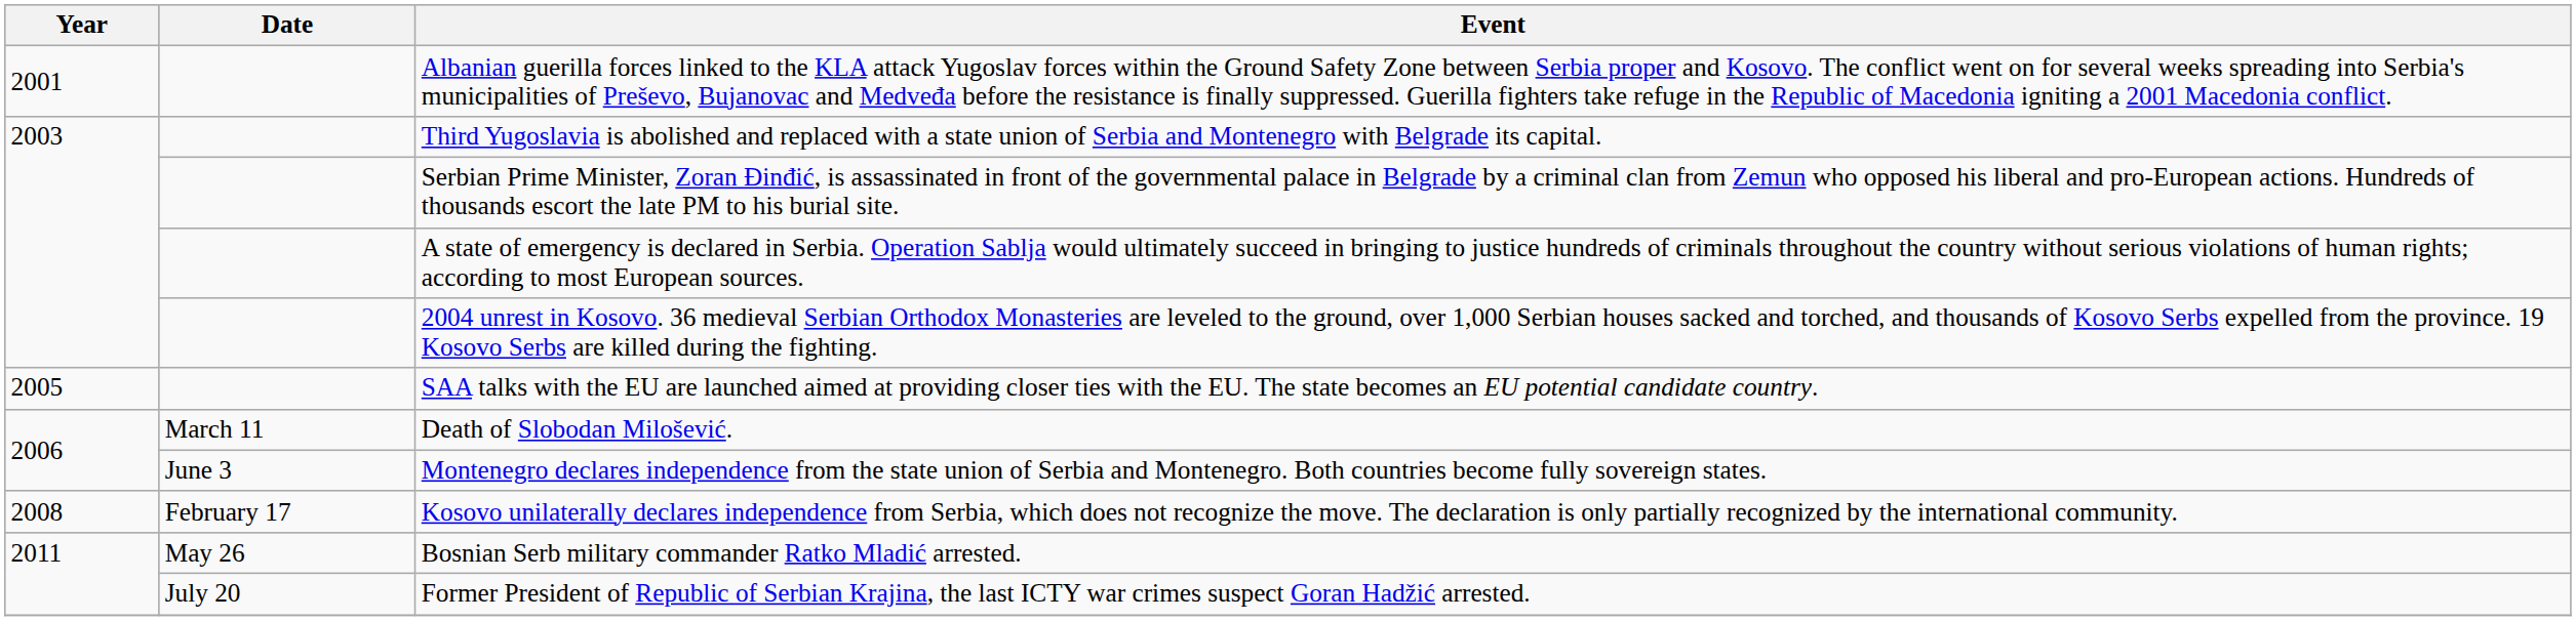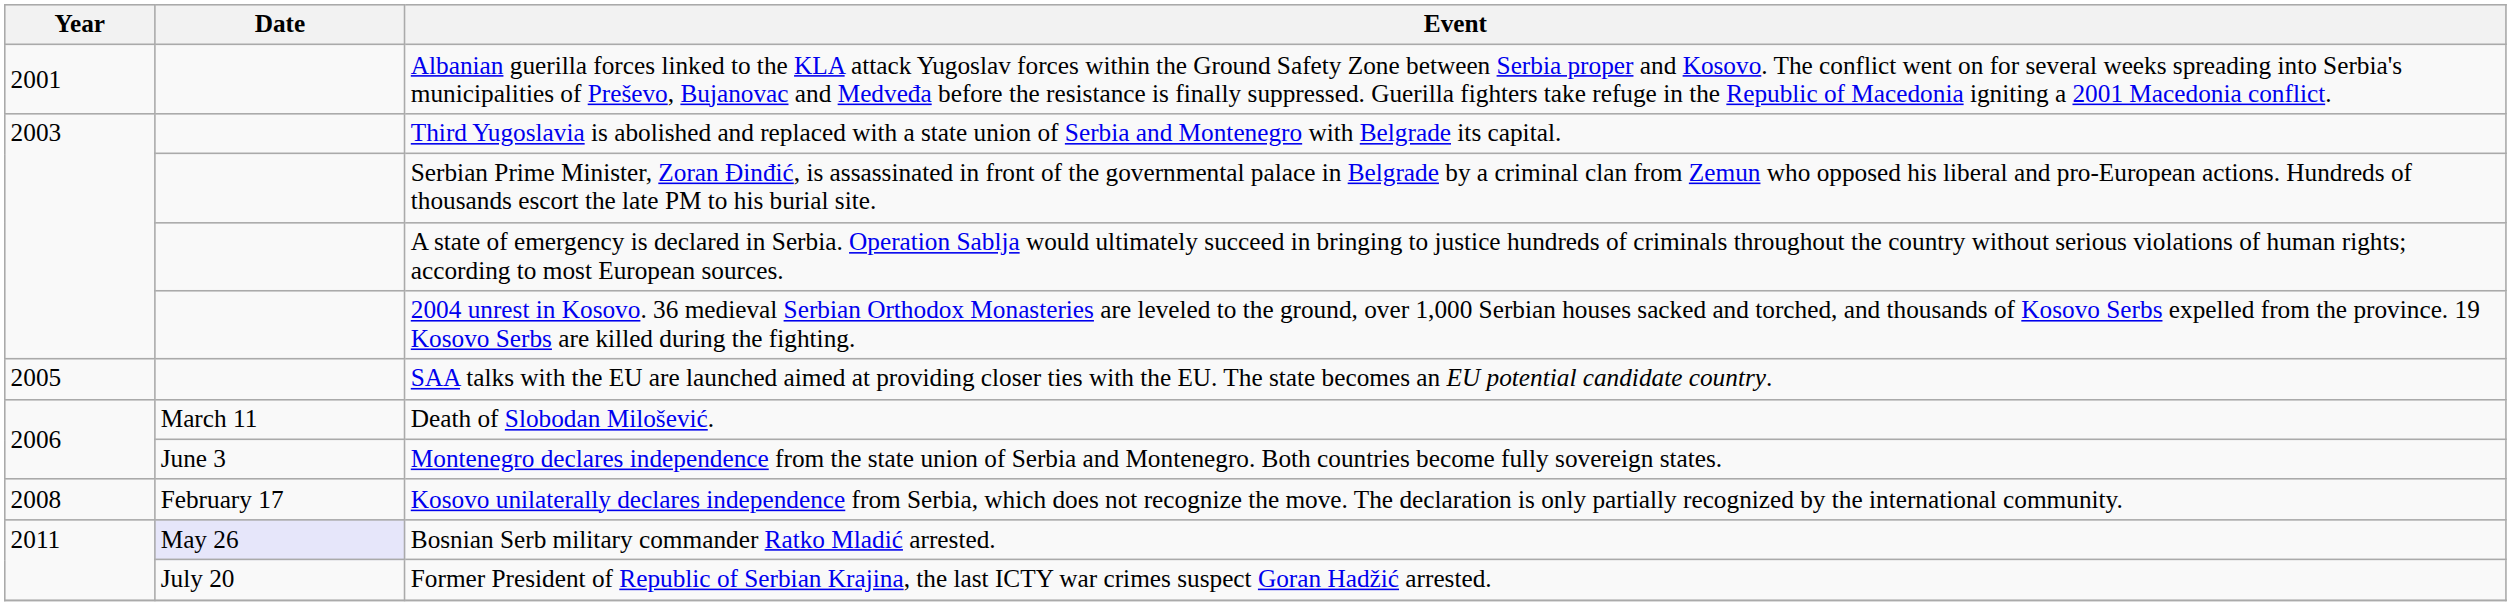 <table class="wikitable" width="100%">
 <tr>
 <th style="width:6%">Year</th>
 <th style="width:10%">Date</th>
 <th>Event</th>
 </tr>
 <tr>
 <td>2001</td>
 <td></td>
 <td><a href='#'>Albanian</a> guerilla forces linked to the <a href='#'>KLA</a> attack Yugoslav forces within the Ground Safety Zone between <a href='#'>Serbia proper</a> and <a href='#'>Kosovo</a>. The conflict went on for several weeks spreading into Serbia's municipalities of <a href='#'>Preševo</a>, <a href='#'>Bujanovac</a> and <a href='#'>Medveđa</a> before the resistance is finally suppressed. Guerilla fighters take refuge in the <a href='#'>Republic of Macedonia</a> igniting a <a href='#'>2001 Macedonia conflict</a>.</td>
 </tr>
 <tr>
 <td rowspan="4" valign="top">2003</td>
 <td></td>
 <td><a href='#'>Third Yugoslavia</a> is abolished and replaced with a state union of <a href='#'>Serbia and Montenegro</a> with <a href='#'>Belgrade</a> its capital.</td>
 </tr>
 <tr>
 <td></td>
 <td>Serbian Prime Minister, <a href='#'>Zoran Đinđić</a>, is assassinated in front of the governmental palace in <a href='#'>Belgrade</a> by a criminal clan from <a href='#'>Zemun</a> who opposed his liberal and pro-European actions. Hundreds of thousands escort the late PM to his burial site.</td>
 </tr>
 <tr>
 <td></td>
 <td>A state of emergency is declared in Serbia. <a href='#'>Operation Sablja</a> would ultimately succeed in bringing to justice hundreds of criminals throughout the country without serious violations of human rights; according to most European sources.</td>
 </tr>
 <tr>
 <td></td>
 <td><a href='#'>2004 unrest in Kosovo</a>. 36 medieval <a href='#'>Serbian Orthodox Monasteries</a> are leveled to the ground, over 1,000 Serbian houses sacked and torched, and thousands of <a href='#'>Kosovo Serbs</a> expelled from the province. 19 <a href='#'>Kosovo Serbs</a> are killed during the fighting.</td>
 </tr>
 <tr>
 <td>2005</td>
 <td></td>
 <td><a href='#'>SAA</a> talks with the EU are launched aimed at providing closer ties with the EU. The state becomes an <em>EU potential candidate country</em>.</td>
 </tr>
 <tr>
 <td rowspan="2">2006</td>
 <td>March 11</td>
 <td>Death of <a href='#'>Slobodan Milošević</a>.</td>
 </tr>
 <tr>
 <td>June 3</td>
 <td><a href='#'>Montenegro declares independence</a> from the state union of Serbia and Montenegro. Both countries become fully sovereign states.</td>
 </tr>
 <tr>
 <td>2008</td>
 <td>February 17</td>
 <td><a href='#'>Kosovo unilaterally declares independence</a> from Serbia, which does not recognize the move. The declaration is only partially recognized by the international community.</td>
 </tr>
 <tr>
 <td rowspan="2" valign="top">2011</td>
-<td>May 26</td>
+<td style="background: lavender;">May 26</td>
 <td>Bosnian Serb military commander <a href='#'>Ratko Mladić</a> arrested.</td>
 </tr>
 <tr>
 <td>July 20</td>
 <td>Former President of <a href='#'>Republic of Serbian Krajina</a>, the last ICTY war crimes suspect <a href='#'>Goran Hadžić</a> arrested.</td>
 </tr>
 <tr>
 </tr>
 </table>
